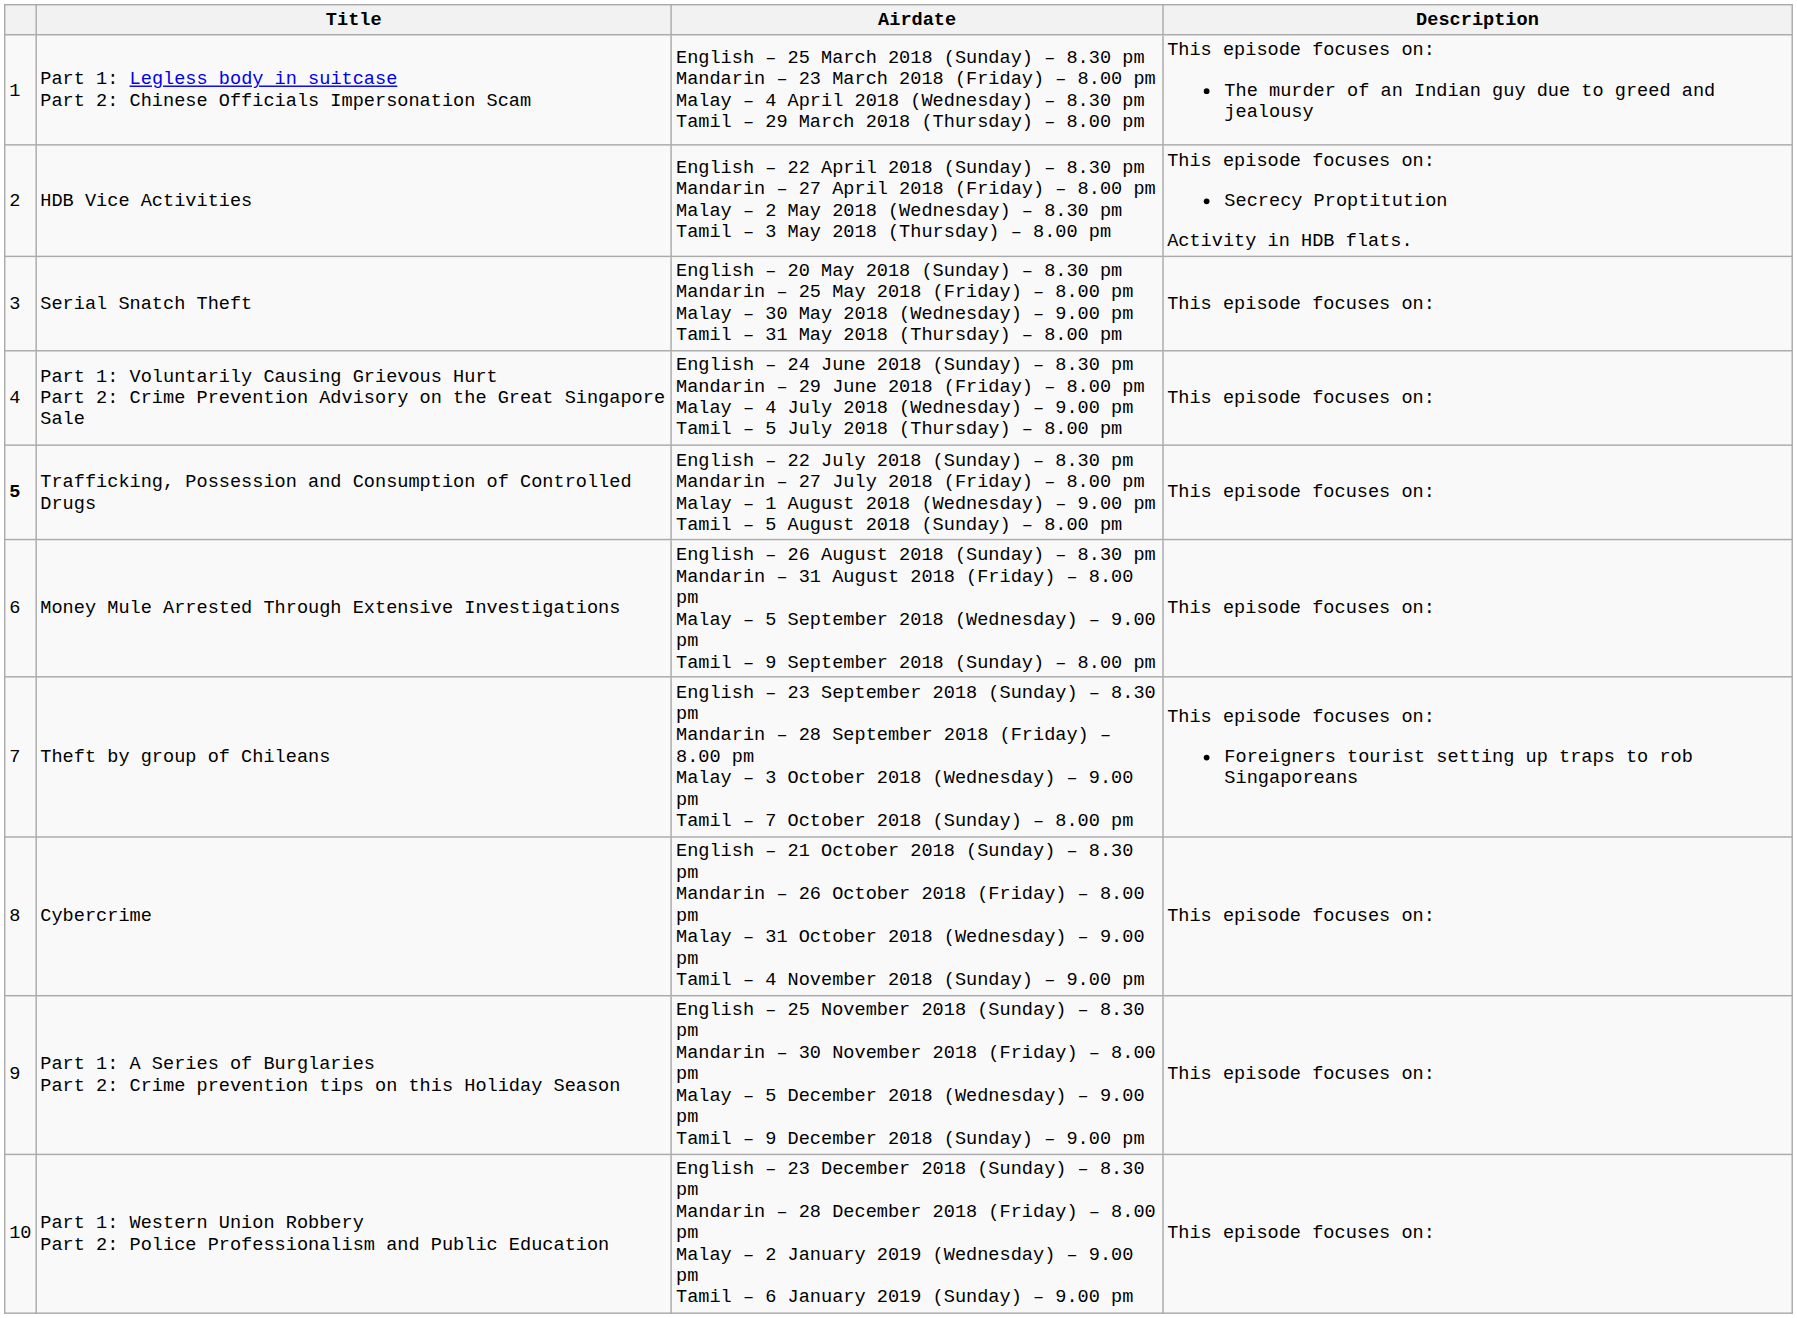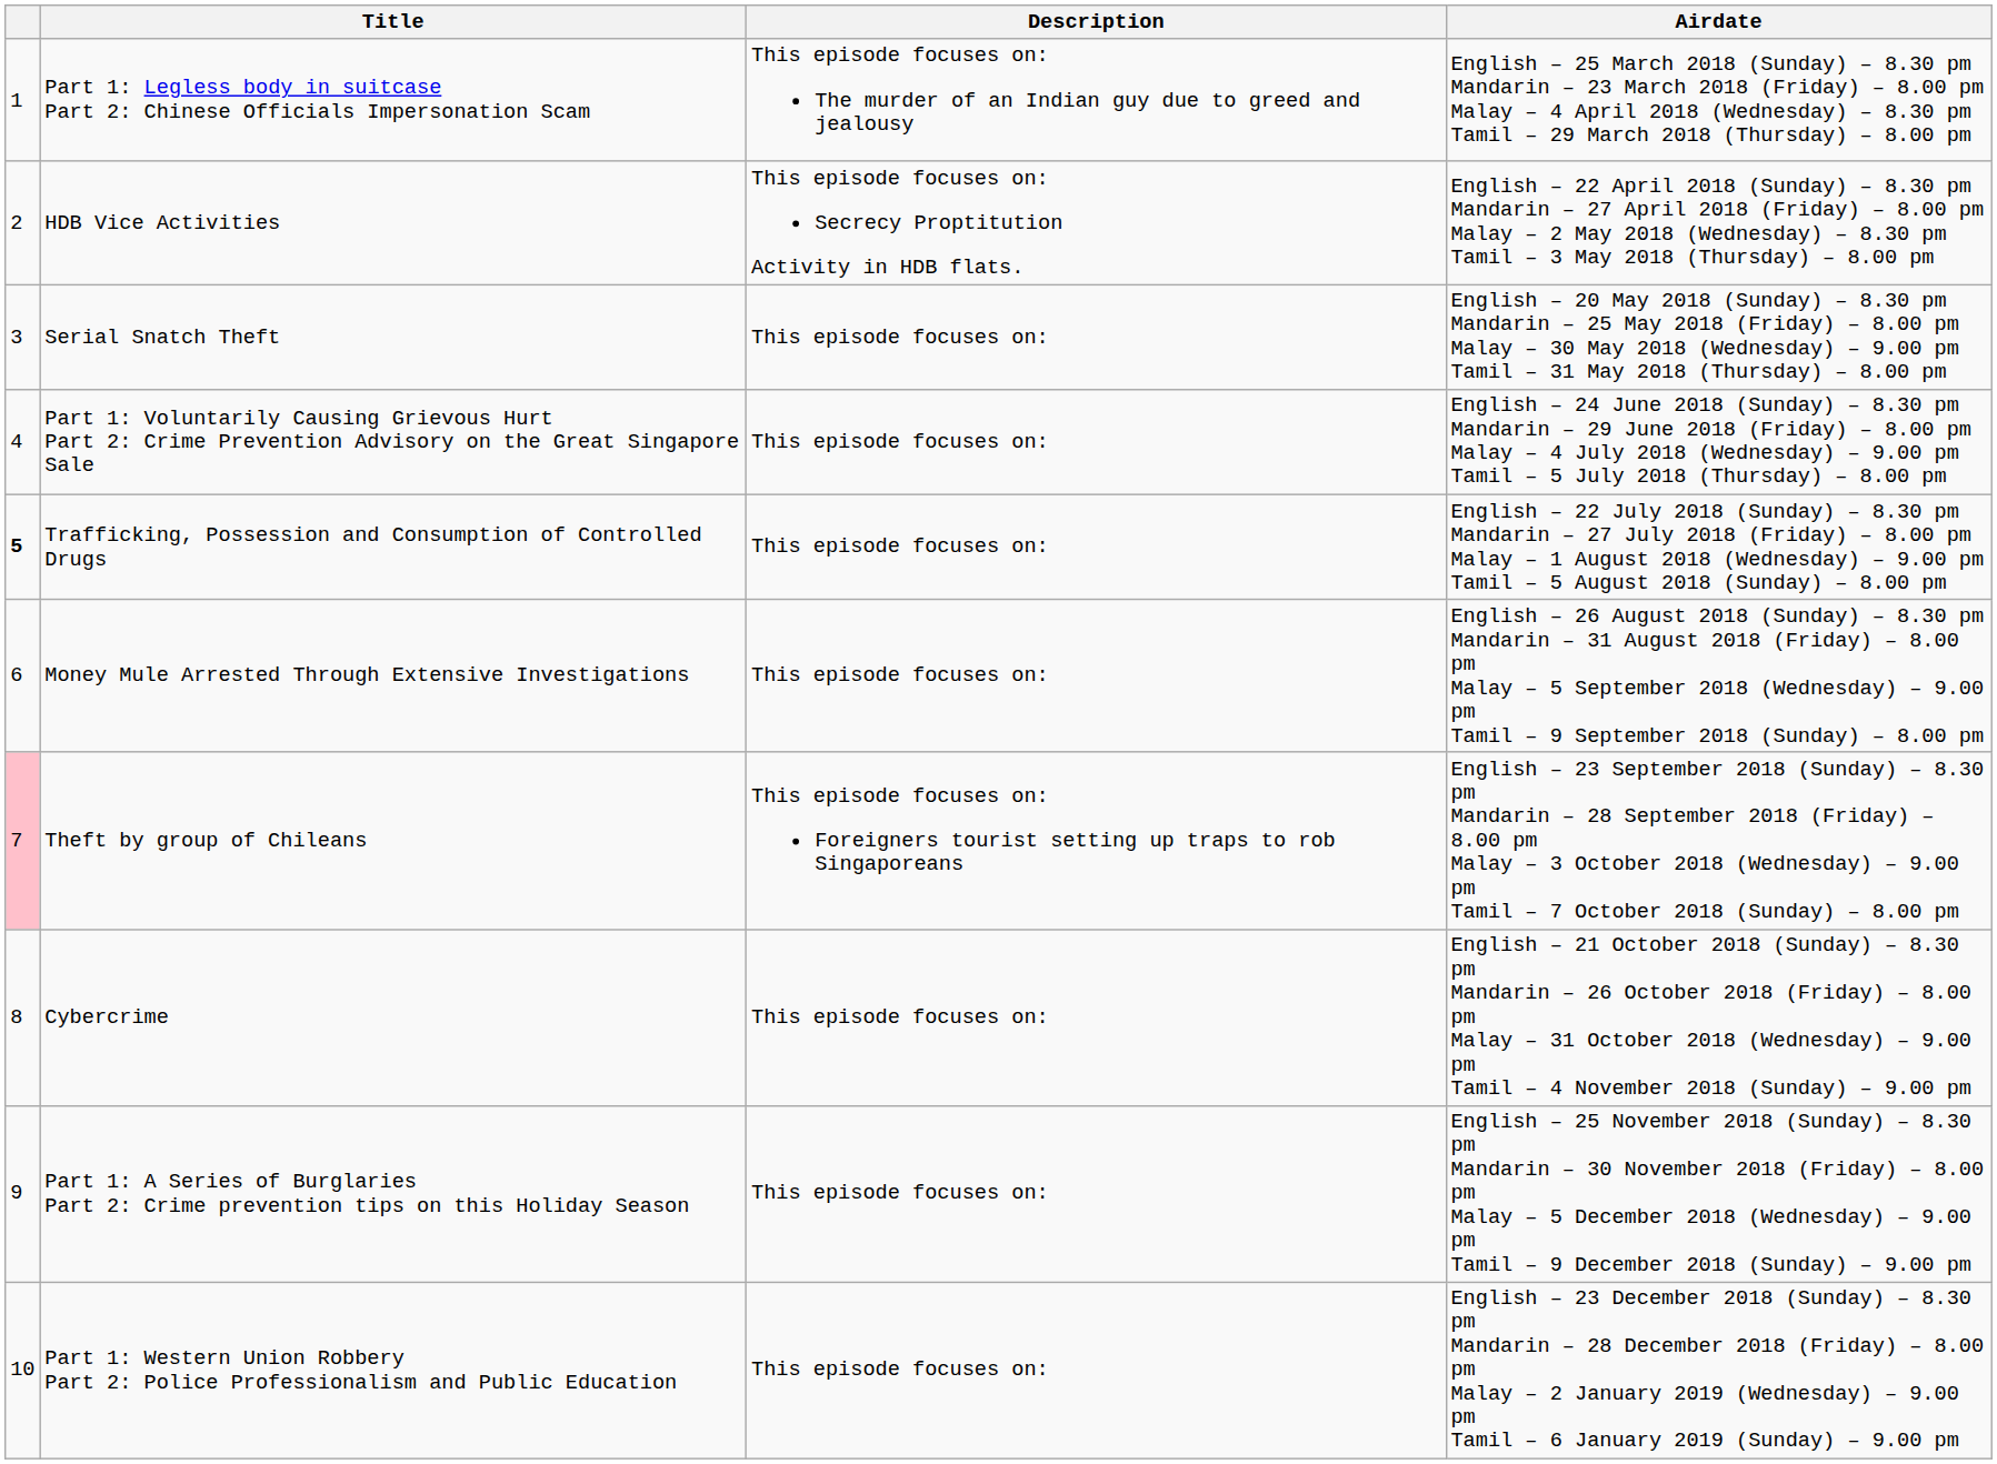 <table class="wikitable">
 <tr>
 <th></th>
 <th>Title</th>
+<th>Description</th>
 <th>Airdate</th>
-<th>Description</th>
 </tr>
 <tr To be confirmed>
 <td>1</td>
 <td>Part 1: <a href='#'>Legless body in suitcase</a><br>Part 2: Chinese Officials Impersonation Scam</td>
+<td>This episode focuses on:<br><ul><li>The murder of an Indian guy due to greed and jealousy</li></ul></td>
 <td>English – 25 March 2018 (Sunday) – 8.30 pm<br>Mandarin – 23 March 2018 (Friday) – 8.00 pm <br>Malay – 4 April 2018 (Wednesday) – 8.30 pm <br>Tamil – 29 March 2018 (Thursday) – 8.00 pm</td>
-<td>This episode focuses on:<br><ul><li>The murder of an Indian guy due to greed and jealousy</li></ul></td>
 </tr>
 <tr>
 <td>2</td>
 <td>HDB Vice Activities</td>
+<td>This episode focuses on:<br><ul><li>Secrecy Proptitution</li></ul>Activity in HDB flats.</td>
 <td>English – 22 April 2018 (Sunday) – 8.30 pm<br>Mandarin – 27 April 2018 (Friday) – 8.00 pm <br>Malay – 2 May 2018 (Wednesday) – 8.30 pm <br>Tamil – 3 May 2018 (Thursday) – 8.00 pm</td>
-<td>This episode focuses on:<br><ul><li>Secrecy Proptitution</li></ul>Activity in HDB flats.</td>
 </tr>
 <tr>
 <td>3</td>
 <td>Serial Snatch Theft</td>
+<td>This episode focuses on:</td>
 <td>English – 20 May 2018 (Sunday) – 8.30 pm<br>Mandarin – 25 May 2018 (Friday) – 8.00 pm <br>Malay – 30 May 2018 (Wednesday) – 9.00 pm <br>Tamil – 31 May 2018 (Thursday) – 8.00 pm</td>
-<td>This episode focuses on:</td>
 </tr>
 <tr>
 <td>4</td>
 <td>Part 1: Voluntarily Causing Grievous Hurt<br>Part 2: Crime Prevention Advisory on the Great Singapore Sale</td>
+<td>This episode focuses on:</td>
 <td>English – 24 June 2018 (Sunday) – 8.30 pm<br>Mandarin – 29 June 2018 (Friday) – 8.00 pm <br>Malay – 4 July 2018 (Wednesday) – 9.00 pm <br>Tamil – 5 July 2018 (Thursday) – 8.00 pm</td>
-<td>This episode focuses on:</td>
 </tr>
 <tr>
 <td><strong>5</strong></td>
 <td>Trafficking, Possession and Consumption of Controlled Drugs</td>
+<td>This episode focuses on:</td>
 <td>English – 22 July 2018 (Sunday) – 8.30 pm<br>Mandarin – 27 July 2018 (Friday) – 8.00 pm <br>Malay – 1 August 2018 (Wednesday) – 9.00 pm <br>Tamil – 5 August 2018 (Sunday) – 8.00 pm</td>
-<td>This episode focuses on:</td>
 </tr>
 <tr>
 <td>6</td>
 <td>Money Mule Arrested Through Extensive Investigations</td>
+<td>This episode focuses on:</td>
 <td>English – 26 August 2018 (Sunday) – 8.30 pm<br>Mandarin – 31 August 2018 (Friday) – 8.00 pm <br>Malay – 5 September 2018 (Wednesday) – 9.00 pm <br>Tamil – 9 September 2018 (Sunday) – 8.00 pm</td>
-<td>This episode focuses on:</td>
 </tr>
 <tr>
-<td>7</td>
+<td style="background: pink;">7</td>
 <td>Theft by group of Chileans</td>
+<td>This episode focuses on:<br><ul><li>Foreigners tourist setting up traps to rob Singaporeans</li></ul></td>
 <td>English – 23 September 2018 (Sunday) – 8.30 pm<br>Mandarin – 28 September 2018 (Friday) – 8.00 pm <br>Malay – 3 October 2018 (Wednesday) – 9.00 pm <br>Tamil – 7 October 2018 (Sunday) – 8.00 pm</td>
-<td>This episode focuses on:<br><ul><li>Foreigners tourist setting up traps to rob Singaporeans</li></ul></td>
 </tr>
 <tr>
 <td>8</td>
 <td>Cybercrime</td>
+<td>This episode focuses on:</td>
 <td>English – 21 October 2018 (Sunday) – 8.30 pm<br>Mandarin – 26 October 2018 (Friday) – 8.00 pm <br>Malay – 31 October 2018 (Wednesday) – 9.00 pm <br>Tamil – 4 November 2018 (Sunday) – 9.00 pm</td>
-<td>This episode focuses on:</td>
 </tr>
 <tr>
 <td>9</td>
 <td>Part 1: A Series of Burglaries<br>Part 2: Crime prevention tips on this Holiday Season</td>
+<td>This episode focuses on:</td>
 <td>English – 25 November 2018 (Sunday) – 8.30 pm<br>Mandarin –  30 November 2018 (Friday) – 8.00 pm <br>Malay – 5 December 2018 (Wednesday) – 9.00 pm <br>Tamil – 9 December 2018 (Sunday) – 9.00 pm</td>
-<td>This episode focuses on:</td>
 </tr>
 <tr>
 <td>10</td>
 <td>Part 1: Western Union Robbery<br>Part 2: Police Professionalism and Public Education</td>
+<td>This episode focuses on:</td>
 <td>English – 23 December 2018 (Sunday) – 8.30 pm<br>Mandarin – 28 December 2018 (Friday) – 8.00 pm <br>Malay – 2 January 2019 (Wednesday) – 9.00 pm <br>Tamil – 6 January 2019 (Sunday) – 9.00 pm</td>
-<td>This episode focuses on:</td>
 </tr>
 </table>
